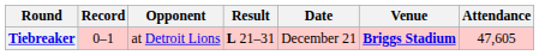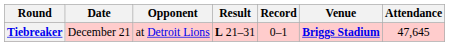 <table class="wikitable" style="text-align:center">
 <tr>
 <th>Round</th>
-<th>Record</th>
+<th>Date</th>
 <th>Opponent</th>
 <th>Result</th>
-<th>Date</th>
+<th>Record</th>
 <th>Venue</th>
 <th>Attendance</th>
 </tr>
 <tr style="background:#fcc">
 <th><a href='#'>Tiebreaker</a></th>
-<td>0–1</td>
+<td>December 21</td>
 <td>at <a href='#'>Detroit Lions</a></td>
 <td><strong>L</strong> 21–31</td>
-<td>December 21</td>
+<td>0–1</td>
 <td><strong><a href='#'>Briggs Stadium</a></strong></td>
-<td>47,605</td>
+<td>47,645</td>
 </tr>
 </table>
